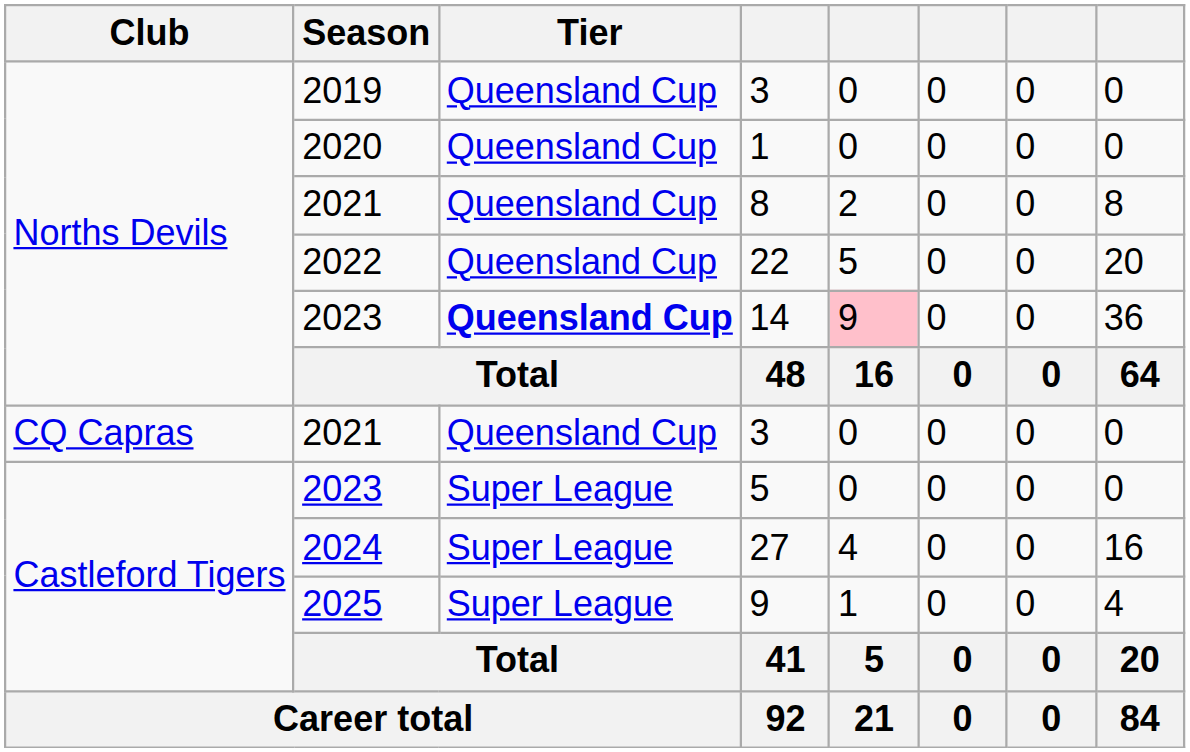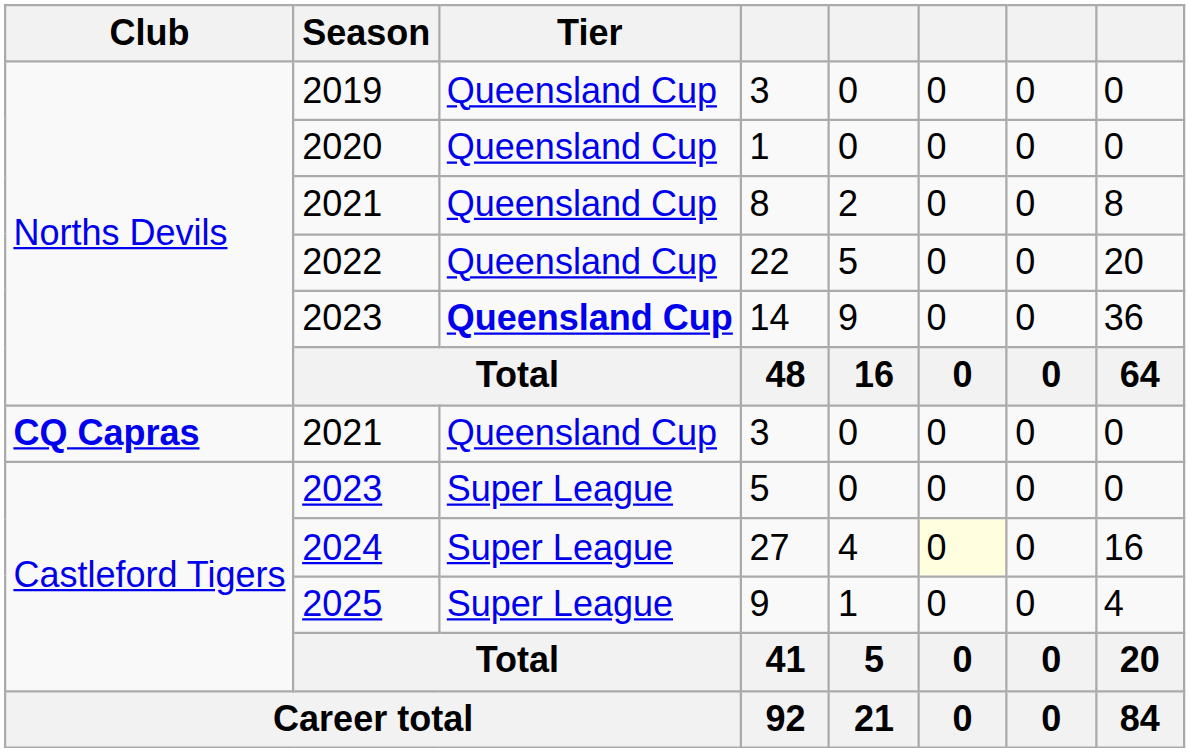 <table class="wikitable defaultcenter">
 <tr>
 <th>Club</th>
 <th>Season</th>
 <th>Tier</th>
 <th style="width:2em;"></th>
 <th style="width:2em;"></th>
 <th style="width:2em;"></th>
 <th style="width:2em;"></th>
 <th style="width:2em;"></th>
 </tr>
 <tr>
 <td rowspan="6" style="text-align:left;"> <a href='#'>Norths Devils</a></td>
 <td>2019</td>
 <td><a href='#'>Queensland Cup</a></td>
 <td>3</td>
 <td>0</td>
 <td>0</td>
 <td>0</td>
 <td>0</td>
 </tr>
 <tr>
 <td>2020</td>
 <td><a href='#'>Queensland Cup</a></td>
 <td>1</td>
 <td>0</td>
 <td>0</td>
 <td>0</td>
 <td>0</td>
 </tr>
 <tr>
 <td>2021</td>
 <td><a href='#'>Queensland Cup</a></td>
 <td>8</td>
 <td>2</td>
 <td>0</td>
 <td>0</td>
 <td>8</td>
 </tr>
 <tr>
 <td>2022</td>
 <td><a href='#'>Queensland Cup</a></td>
 <td>22</td>
 <td>5</td>
 <td>0</td>
 <td>0</td>
 <td>20</td>
 </tr>
 <tr>
 <td>2023</td>
 <td><strong><a href='#'>Queensland Cup</a></strong></td>
 <td>14</td>
-<td style="background: pink;">9</td>
+<td>9</td>
 <td>0</td>
 <td>0</td>
 <td>36</td>
 </tr>
 <tr>
 <th colspan="2">Total</th>
 <th>48</th>
 <th>16</th>
 <th>0</th>
 <th>0</th>
 <th>64</th>
 </tr>
 <tr>
-<td style="text-align:left;"> <a href='#'>CQ Capras</a></td>
+<td style="text-align:left;"><strong> <a href='#'>CQ Capras</a></strong></td>
 <td>2021</td>
 <td><a href='#'>Queensland Cup</a></td>
 <td>3</td>
 <td>0</td>
 <td>0</td>
 <td>0</td>
 <td>0</td>
 </tr>
 <tr>
 <td rowspan="4" style="text-align:left;"> <a href='#'>Castleford Tigers</a></td>
 <td><a href='#'>2023</a></td>
 <td><a href='#'>Super League</a></td>
 <td>5</td>
 <td>0</td>
 <td>0</td>
 <td>0</td>
 <td>0</td>
 </tr>
 <tr>
 <td><a href='#'>2024</a></td>
 <td><a href='#'>Super League</a></td>
 <td>27</td>
 <td>4</td>
-<td>0</td>
+<td style="background: lightyellow;">0</td>
 <td>0</td>
 <td>16</td>
 </tr>
 <tr>
 <td><a href='#'>2025</a></td>
 <td><a href='#'>Super League</a></td>
 <td>9</td>
 <td>1</td>
 <td>0</td>
 <td>0</td>
 <td>4</td>
 </tr>
 <tr>
 <th colspan="2">Total</th>
 <th>41</th>
 <th>5</th>
 <th>0</th>
 <th>0</th>
 <th>20</th>
 </tr>
 <tr>
 <th colspan="3">Career total</th>
 <th>92</th>
 <th>21</th>
 <th>0</th>
 <th>0</th>
 <th>84</th>
 </tr>
 </table>
